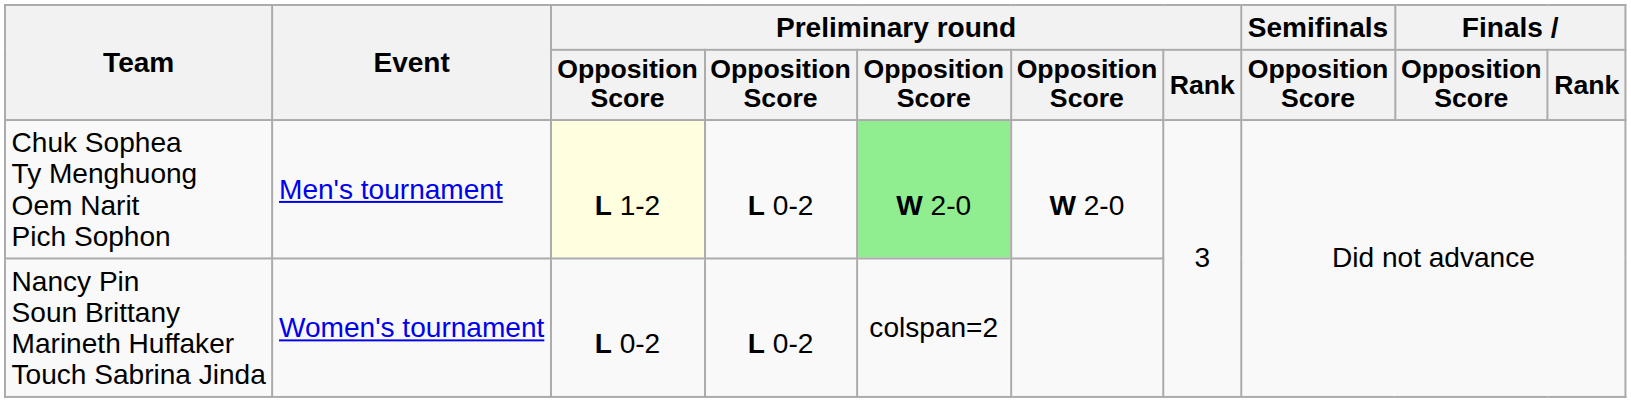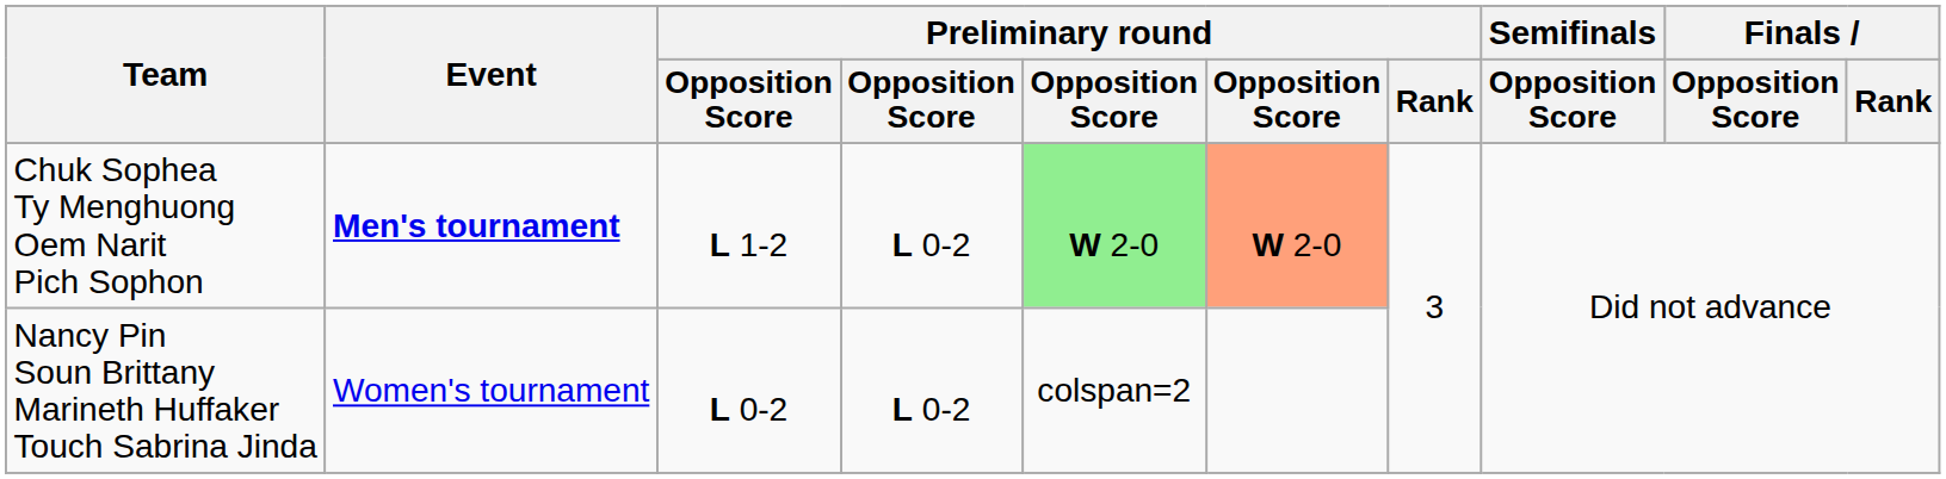 <table class="wikitable" style="font-size:90%">
 <tr>
 <th rowspan="2">Team</th>
 <th rowspan="2">Event</th>
 <th colspan="5">Preliminary round</th>
 <th>Semifinals</th>
 <th colspan="2">Finals / </th>
 </tr>
 <tr style="font-size:95%">
 <th>Opposition<br>Score</th>
 <th>Opposition<br>Score</th>
 <th>Opposition<br>Score</th>
 <th>Opposition<br>Score</th>
 <th>Rank</th>
 <th>Opposition<br>Score</th>
 <th>Opposition<br>Score</th>
 <th>Rank</th>
 </tr>
 <tr align="center">
 <td align="left">Chuk Sophea<br>Ty Menghuong<br>Oem Narit<br>Pich Sophon</td>
-<td align="left"><a href='#'>Men's tournament</a></td>
-<td style="background: lightyellow;"><br><strong>L</strong> 1-2</td>
+<td align="left"><strong><a href='#'>Men's tournament</a></strong></td>
+<td><br><strong>L</strong> 1-2</td>
 <td><br><strong>L</strong> 0-2</td>
 <td style="background: lightgreen;"><br><strong>W</strong> 2-0</td>
-<td><br><strong>W</strong> 2-0</td>
+<td style="background: lightsalmon;"><br><strong>W</strong> 2-0</td>
 <td rowspan=2>3</td>
 <td rowspan=2 colspan=3>Did not advance</td>
 </tr>
 <tr align="center">
 <td align="left">Nancy Pin<br>Soun Brittany<br>Marineth Huffaker<br>Touch Sabrina Jinda</td>
 <td align="left"><a href='#'>Women's tournament</a></td>
 <td><br><strong>L</strong> 0-2</td>
 <td><br><strong>L</strong> 0-2</td>
 <td>colspan=2 </td>
 </tr>
 </table>
